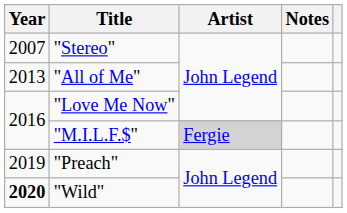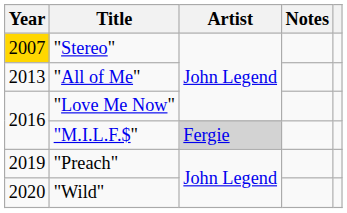 <table class="wikitable sortable">
 <tr>
 <th>Year</th>
 <th>Title</th>
 <th>Artist</th>
 <th class="unsortable">Notes</th>
 <th class="unsortable"></th>
 </tr>
 <tr>
-<td>2007</td>
+<td style="background: gold;">2007</td>
 <td>"<a href='#'>Stereo</a>"</td>
 <td rowspan="3"><a href='#'>John Legend</a></td>
 <td></td>
 <td align="center"></td>
 </tr>
 <tr>
 <td>2013</td>
 <td>"<a href='#'>All of Me</a>"</td>
 <td></td>
 <td align="center"></td>
 </tr>
 <tr>
 <td rowspan="2">2016</td>
 <td>"<a href='#'>Love Me Now</a>"</td>
 <td></td>
 <td align="center"></td>
 </tr>
 <tr>
 <td><a href='#'>"M.I.L.F.$</a>"</td>
 <td style="background: lightgrey;"><a href='#'>Fergie</a></td>
 <td></td>
 <td align="center"></td>
 </tr>
 <tr>
 <td>2019</td>
 <td>"Preach"</td>
 <td rowspan="2"><a href='#'>John Legend</a></td>
 <td></td>
 <td align="center"></td>
 </tr>
 <tr>
-<td><strong>2020</strong></td>
+<td>2020</td>
 <td>"Wild"</td>
 <td></td>
 <td align="center"></td>
 </tr>
 </table>
